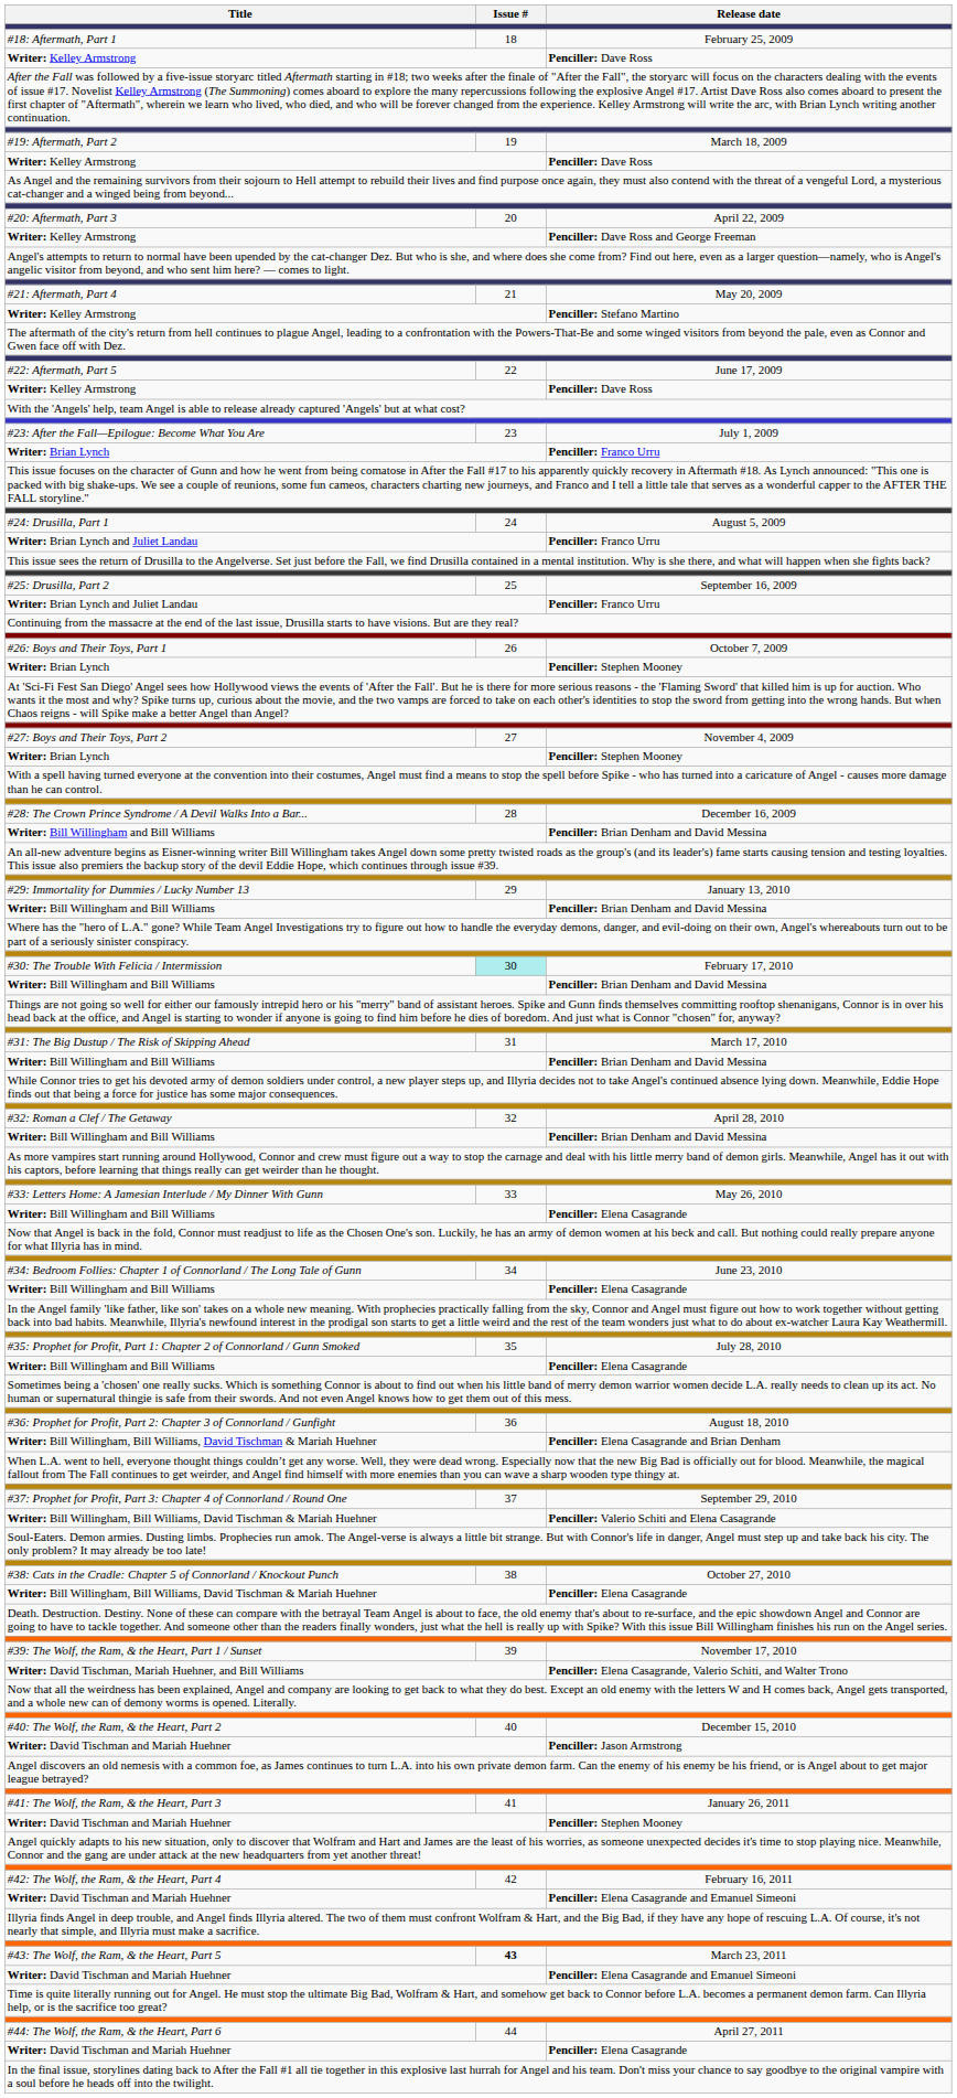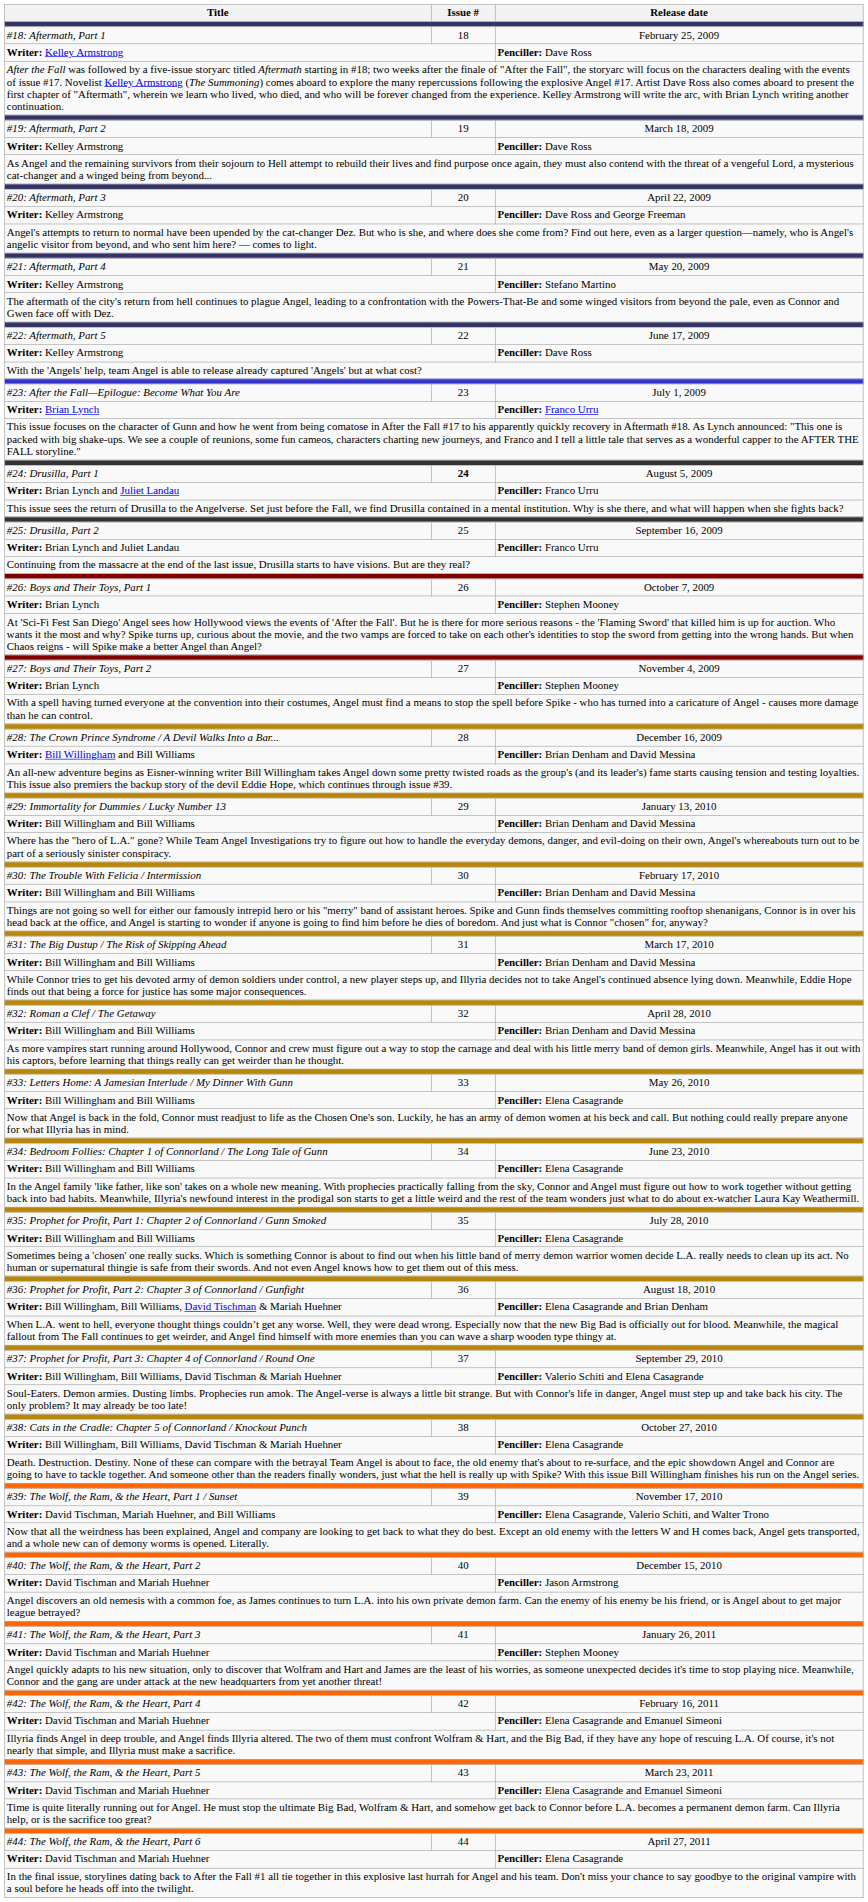 <table class="wikitable mw-collapsible mw-collapsed" style="width:100%;">
 <tr>
 <th>Title</th>
 <th>Issue #</th>
 <th>Release date</th>
 </tr>
 <tr>
 <td colspan="6" style="background:#336;"></td>
 </tr>
 <tr>
 <td><em>#18: Aftermath, Part 1</em></td>
 <td style="text-align:center;">18</td>
 <td style="text-align:center;">February 25, 2009</td>
 </tr>
 <tr>
 <td colspan="2"><strong>Writer:</strong> <a href='#'>Kelley Armstrong</a></td>
 <td><strong>Penciller:</strong> Dave Ross</td>
 </tr>
 <tr>
 <td colspan="6"><em>After the Fall</em> was followed by a five-issue storyarc titled <em>Aftermath</em> starting in #18; two weeks after the finale of "After the Fall", the storyarc will focus on the characters dealing with the events of issue #17. Novelist <a href='#'>Kelley Armstrong</a> (<em>The Summoning</em>) comes aboard to explore the many repercussions following the explosive Angel #17. Artist Dave Ross also comes aboard to present the first chapter of "Aftermath", wherein we learn who lived, who died, and who will be forever changed from the experience. Kelley Armstrong will write the arc, with Brian Lynch writing another continuation.</td>
 </tr>
 <tr>
 <td colspan="6" style="background:#336;"></td>
 </tr>
 <tr>
 <td><em>#19: Aftermath, Part 2</em></td>
 <td style="text-align:center;">19</td>
 <td style="text-align:center;">March 18, 2009</td>
 </tr>
 <tr>
 <td colspan="2"><strong>Writer:</strong> Kelley Armstrong</td>
 <td><strong>Penciller:</strong> Dave Ross</td>
 </tr>
 <tr>
 <td colspan="6">As Angel and the remaining survivors from their sojourn to Hell attempt to rebuild their lives and find purpose once again, they must also contend with the threat of a vengeful Lord, a mysterious cat-changer and a winged being from beyond...</td>
 </tr>
 <tr>
 <td colspan="6" style="background:#336;"></td>
 </tr>
 <tr>
 <td><em>#20: Aftermath, Part 3</em></td>
 <td style="text-align:center;">20</td>
 <td style="text-align:center;">April 22, 2009</td>
 </tr>
 <tr>
 <td colspan="2"><strong>Writer:</strong> Kelley Armstrong</td>
 <td><strong>Penciller:</strong> Dave Ross and George Freeman</td>
 </tr>
 <tr>
 <td colspan="6">Angel's attempts to return to normal have been upended by the cat-changer Dez. But who is she, and where does she come from? Find out here, even as a larger question—namely, who is Angel's angelic visitor from beyond, and who sent him here? — comes to light.</td>
 </tr>
 <tr>
 <td colspan="6" style="background:#336;"></td>
 </tr>
 <tr>
 <td><em>#21: Aftermath, Part 4</em></td>
 <td style="text-align:center;">21</td>
 <td style="text-align:center;">May 20, 2009</td>
 </tr>
 <tr>
 <td colspan="2"><strong>Writer:</strong> Kelley Armstrong</td>
 <td><strong>Penciller:</strong> Stefano Martino</td>
 </tr>
 <tr>
 <td colspan="6">The aftermath of the city's return from hell continues to plague Angel, leading to a confrontation with the Powers-That-Be and some winged visitors from beyond the pale, even as Connor and Gwen face off with Dez.</td>
 </tr>
 <tr>
 <td colspan="6" style="background:#336;"></td>
 </tr>
 <tr>
 <td><em>#22: Aftermath, Part 5</em></td>
 <td style="text-align:center;">22</td>
 <td style="text-align:center;">June 17, 2009</td>
 </tr>
 <tr>
 <td colspan="2"><strong>Writer:</strong> Kelley Armstrong</td>
 <td><strong>Penciller:</strong> Dave Ross</td>
 </tr>
 <tr>
 <td colspan="6">With the 'Angels' help, team Angel is able to release already captured 'Angels' but at what cost?</td>
 </tr>
 <tr>
 <td colspan="6" style="background:#33c;"></td>
 </tr>
 <tr>
 <td><em>#23: After the Fall—Epilogue: Become What You Are</em></td>
 <td style="text-align:center;">23</td>
 <td style="text-align:center;">July 1, 2009</td>
 </tr>
 <tr>
 <td colspan="2"><strong>Writer:</strong> <a href='#'>Brian Lynch</a></td>
 <td><strong>Penciller:</strong> <a href='#'>Franco Urru</a></td>
 </tr>
 <tr>
 <td colspan="6">This issue focuses on the character of Gunn and how he went from being comatose in After the Fall #17 to his apparently quickly recovery in Aftermath #18. As Lynch announced: "This one is packed with big shake-ups. We see a couple of reunions, some fun cameos, characters charting new journeys, and Franco and I tell a little tale that serves as a wonderful capper to the AFTER THE FALL storyline."</td>
 </tr>
 <tr>
 <td colspan="6" style="background:#333;"></td>
 </tr>
 <tr>
 <td><em>#24: Drusilla, Part 1</em></td>
-<td style="text-align:center;">24</td>
+<td style="text-align:center;"><strong>24</strong></td>
 <td style="text-align:center;">August 5, 2009</td>
 </tr>
 <tr>
 <td colspan="2"><strong>Writer:</strong> Brian Lynch and <a href='#'>Juliet Landau</a></td>
 <td><strong>Penciller:</strong> Franco Urru</td>
 </tr>
 <tr>
 <td colspan="6">This issue sees the return of Drusilla to the Angelverse. Set just before the Fall, we find Drusilla contained in a mental institution. Why is she there, and what will happen when she fights back?</td>
 </tr>
 <tr>
 <td colspan="6" style="background:#333;"></td>
 </tr>
 <tr>
 <td><em>#25: Drusilla, Part 2</em></td>
 <td style="text-align:center;">25</td>
 <td style="text-align:center;">September 16, 2009</td>
 </tr>
 <tr>
 <td colspan="2"><strong>Writer:</strong> Brian Lynch and Juliet Landau</td>
 <td><strong>Penciller:</strong> Franco Urru</td>
 </tr>
 <tr>
 <td colspan="6">Continuing from the massacre at the end of the last issue, Drusilla starts to have visions. But are they real?</td>
 </tr>
 <tr>
 <td colspan="6" style="background:maroon;"></td>
 </tr>
 <tr>
 <td><em>#26: Boys and Their Toys, Part 1</em></td>
 <td style="text-align:center;">26</td>
 <td style="text-align:center;">October 7, 2009</td>
 </tr>
 <tr>
 <td colspan="2"><strong>Writer:</strong> Brian Lynch</td>
 <td><strong>Penciller:</strong> Stephen Mooney</td>
 </tr>
 <tr>
 <td colspan="6">At 'Sci-Fi Fest San Diego' Angel sees how Hollywood views the events of 'After the Fall'. But he is there for more serious reasons - the 'Flaming Sword' that killed him is up for auction. Who wants it the most and why? Spike turns up, curious about the movie, and the two vamps are forced to take on each other's identities to stop the sword from getting into the wrong hands. But when Chaos reigns - will Spike make a better Angel than Angel?</td>
 </tr>
 <tr>
 <td colspan="6" style="background:maroon;"></td>
 </tr>
 <tr>
 <td><em>#27: Boys and Their Toys, Part 2</em></td>
 <td style="text-align:center;">27</td>
 <td style="text-align:center;">November 4, 2009</td>
 </tr>
 <tr>
 <td colspan="2"><strong>Writer:</strong> Brian Lynch</td>
 <td><strong>Penciller:</strong> Stephen Mooney</td>
 </tr>
 <tr>
 <td colspan="6">With a spell having turned everyone at the convention into their costumes, Angel must find a means to stop the spell before Spike - who has turned into a caricature of Angel - causes more damage than he can control.</td>
 </tr>
 <tr>
 <td colspan="6" style="background:#b8860b;"></td>
 </tr>
 <tr>
 <td><em>#28: The Crown Prince Syndrome / A Devil Walks Into a Bar...</em></td>
 <td style="text-align:center;">28</td>
 <td style="text-align:center;">December 16, 2009</td>
 </tr>
 <tr>
 <td colspan="2"><strong>Writer:</strong> <a href='#'>Bill Willingham</a> and Bill Williams</td>
 <td><strong>Penciller:</strong> Brian Denham and David Messina</td>
 </tr>
 <tr>
 <td colspan="6">An all-new adventure begins as Eisner-winning writer Bill Willingham takes Angel down some pretty twisted roads as the group's (and its leader's) fame starts causing tension and testing loyalties.  This issue also premiers the backup story of the devil Eddie Hope, which continues through issue #39.</td>
 </tr>
 <tr>
 <td colspan="6" style="background:#b8860b;"></td>
 </tr>
 <tr>
 <td><em>#29: Immortality for Dummies / Lucky Number 13</em></td>
 <td style="text-align:center;">29</td>
 <td style="text-align:center;">January 13, 2010</td>
 </tr>
 <tr>
 <td colspan="2"><strong>Writer:</strong> Bill Willingham and Bill Williams</td>
 <td><strong>Penciller:</strong> Brian Denham and David Messina</td>
 </tr>
 <tr>
 <td colspan="6">Where has the "hero of L.A." gone? While Team Angel Investigations try to figure out how to handle the everyday demons, danger, and evil-doing on their own, Angel's whereabouts turn out to be part of a seriously sinister conspiracy.</td>
 </tr>
 <tr>
 <td colspan="6" style="background:#b8860b;"></td>
 </tr>
 <tr>
 <td><em>#30: The Trouble With Felicia / Intermission</em></td>
-<td style="background: paleturquoise; text-align:center;">30</td>
+<td style="text-align:center;">30</td>
 <td style="text-align:center;">February 17, 2010</td>
 </tr>
 <tr>
 <td colspan="2"><strong>Writer:</strong> Bill Willingham and Bill Williams</td>
 <td><strong>Penciller:</strong> Brian Denham and David Messina</td>
 </tr>
 <tr>
 <td colspan="6">Things are not going so well for either our famously intrepid hero or his "merry" band of assistant heroes. Spike and Gunn finds themselves committing rooftop shenanigans, Connor is in over his head back at the office, and Angel is starting to wonder if anyone is going to find him before he dies of boredom. And just what is Connor "chosen" for, anyway?</td>
 </tr>
 <tr>
 <td colspan="6" style="background:#b8860b;"></td>
 </tr>
 <tr>
 <td><em>#31: The Big Dustup / The Risk of Skipping Ahead</em></td>
 <td style="text-align:center;">31</td>
 <td style="text-align:center;">March 17, 2010</td>
 </tr>
 <tr>
 <td colspan="2"><strong>Writer:</strong> Bill Willingham and Bill Williams</td>
 <td><strong>Penciller:</strong> Brian Denham and David Messina</td>
 </tr>
 <tr>
 <td colspan="6">While Connor tries to get his devoted army of demon soldiers under control, a new player steps up, and Illyria decides not to take Angel's continued absence lying down. Meanwhile, Eddie Hope finds out that being a force for justice has some major consequences.</td>
 </tr>
 <tr>
 <td colspan="6" style="background:#b8860b;"></td>
 </tr>
 <tr>
 <td><em>#32: Roman a Clef / The Getaway</em></td>
 <td style="text-align:center;">32</td>
 <td style="text-align:center;">April 28, 2010</td>
 </tr>
 <tr>
 <td colspan="2"><strong>Writer:</strong> Bill Willingham and Bill Williams</td>
 <td><strong>Penciller:</strong> Brian Denham and David Messina</td>
 </tr>
 <tr>
 <td colspan="6">As more vampires start running around Hollywood, Connor and crew must figure out a way to stop the carnage and deal with his little merry band of demon girls. Meanwhile, Angel has it out with his captors, before learning that things really can get weirder than he thought.</td>
 </tr>
 <tr>
 <td colspan="6" style="background:#b8860b;"></td>
 </tr>
 <tr>
 <td><em>#33: Letters Home: A Jamesian Interlude / My Dinner With Gunn</em></td>
 <td style="text-align:center;">33</td>
 <td style="text-align:center;">May 26, 2010</td>
 </tr>
 <tr>
 <td colspan="2"><strong>Writer:</strong> Bill Willingham and Bill Williams</td>
 <td><strong>Penciller:</strong> Elena Casagrande</td>
 </tr>
 <tr>
 <td colspan="6">Now that Angel is back in the fold, Connor must readjust to life as the Chosen One's son. Luckily, he has an army of demon women at his beck and call. But nothing could really prepare anyone for what Illyria has in mind.</td>
 </tr>
 <tr>
 <td colspan="6" style="background:#b8860b;"></td>
 </tr>
 <tr>
 <td><em>#34: Bedroom Follies: Chapter 1 of Connorland / The Long Tale of Gunn</em></td>
 <td style="text-align:center;">34</td>
 <td style="text-align:center;">June 23, 2010</td>
 </tr>
 <tr>
 <td colspan="2"><strong>Writer:</strong> Bill Willingham and Bill Williams</td>
 <td><strong>Penciller:</strong> Elena Casagrande</td>
 </tr>
 <tr>
 <td colspan="6">In the Angel family 'like father, like son' takes on a whole new meaning. With prophecies practically falling from the sky, Connor and Angel must figure out how to work together without getting back into bad habits. Meanwhile, Illyria's newfound interest in the prodigal son starts to get a little weird and the rest of the team wonders just what to do about ex-watcher Laura Kay Weathermill.</td>
 </tr>
 <tr>
 <td colspan="6" style="background:#b8860b;"></td>
 </tr>
 <tr>
 <td><em>#35: Prophet for Profit, Part 1: Chapter 2 of Connorland / Gunn Smoked</em></td>
 <td style="text-align:center;">35</td>
 <td style="text-align:center;">July 28, 2010</td>
 </tr>
 <tr>
 <td colspan="2"><strong>Writer:</strong> Bill Willingham and Bill Williams</td>
 <td><strong>Penciller:</strong> Elena Casagrande</td>
 </tr>
 <tr>
 <td colspan="6">Sometimes being a 'chosen' one really sucks. Which is something Connor is about to find out when his little band of merry demon warrior women decide L.A. really needs to clean up its act. No human or supernatural thingie is safe from their swords. And not even Angel knows how to get them out of this mess.</td>
 </tr>
 <tr>
 <td colspan="6" style="background:#b8860b;"></td>
 </tr>
 <tr>
 <td><em>#36: Prophet for Profit, Part 2: Chapter 3 of Connorland / Gunfight</em></td>
 <td style="text-align:center;">36</td>
 <td style="text-align:center;">August 18, 2010</td>
 </tr>
 <tr>
 <td colspan="2"><strong>Writer:</strong> Bill Willingham, Bill Williams, <a href='#'>David Tischman</a> & Mariah Huehner</td>
 <td><strong>Penciller:</strong> Elena Casagrande and Brian Denham</td>
 </tr>
 <tr>
 <td colspan="6">When L.A. went to hell, everyone thought things couldn’t get any worse. Well, they were dead wrong. Especially now that the new Big Bad is officially out for blood. Meanwhile, the magical fallout from The Fall continues to get weirder, and Angel find himself with more enemies than you can wave a sharp wooden type thingy at.</td>
 </tr>
 <tr>
 <td colspan="6" style="background:#b8860b;"></td>
 </tr>
 <tr>
 <td><em>#37: Prophet for Profit, Part 3: Chapter 4 of Connorland / Round One</em></td>
 <td style="text-align:center;">37</td>
 <td style="text-align:center;">September 29, 2010</td>
 </tr>
 <tr>
 <td colspan="2"><strong>Writer:</strong> Bill Willingham, Bill Williams, David Tischman & Mariah Huehner</td>
 <td><strong>Penciller:</strong> Valerio Schiti and Elena Casagrande</td>
 </tr>
 <tr>
 <td colspan="6">Soul-Eaters. Demon armies. Dusting limbs. Prophecies run amok. The Angel-verse is always a little bit strange. But with Connor's life in danger, Angel must step up and take back his city. The only problem? It may already be too late!</td>
 </tr>
 <tr>
 <td colspan="6" style="background:#b8860b;"></td>
 </tr>
 <tr>
 <td><em>#38: Cats in the Cradle: Chapter 5 of Connorland / Knockout Punch</em></td>
 <td style="text-align:center;">38</td>
 <td style="text-align:center;">October 27, 2010</td>
 </tr>
 <tr>
 <td colspan="2"><strong>Writer:</strong> Bill Willingham, Bill Williams, David Tischman & Mariah Huehner</td>
 <td><strong>Penciller:</strong> Elena Casagrande</td>
 </tr>
 <tr>
 <td colspan="6">Death. Destruction. Destiny. None of these can compare with the betrayal Team Angel is about to face, the old enemy that's about to re-surface, and the epic showdown Angel and Connor are going to have to tackle together. And someone other than the readers finally wonders, just what the hell is really up with Spike? With this issue Bill Willingham finishes his run on the Angel series.</td>
 </tr>
 <tr>
 <td colspan="6" style="background:#f60;"></td>
 </tr>
 <tr>
 <td><em>#39: The Wolf, the Ram, & the Heart, Part 1 / Sunset</em></td>
 <td style="text-align:center;">39</td>
 <td style="text-align:center;">November 17, 2010</td>
 </tr>
 <tr>
 <td colspan="2"><strong>Writer:</strong> David Tischman, Mariah Huehner, and Bill Williams</td>
 <td><strong>Penciller:</strong> Elena Casagrande, Valerio Schiti, and Walter Trono</td>
 </tr>
 <tr>
 <td colspan="6">Now that all the weirdness has been explained, Angel and company are looking to get back to what they do best. Except an old enemy with the letters W and H comes back, Angel gets transported, and a whole new can of demony worms is opened. Literally.</td>
 </tr>
 <tr>
 <td colspan="6" style="background:#f60;"></td>
 </tr>
 <tr>
 <td><em>#40: The Wolf, the Ram, & the Heart, Part 2</em></td>
 <td style="text-align:center;">40</td>
 <td style="text-align:center;">December 15, 2010</td>
 </tr>
 <tr>
 <td colspan="2"><strong>Writer:</strong> David Tischman and Mariah Huehner</td>
 <td><strong>Penciller:</strong> Jason Armstrong</td>
 </tr>
 <tr>
 <td colspan="6">Angel discovers an old nemesis with a common foe, as James continues to turn L.A. into his own private demon farm. Can the enemy of his enemy be his friend, or is Angel about to get major league betrayed?</td>
 </tr>
 <tr>
 <td colspan="6" style="background:#f60;"></td>
 </tr>
 <tr>
 <td><em>#41: The Wolf, the Ram, & the Heart, Part 3</em></td>
 <td style="text-align:center;">41</td>
 <td style="text-align:center;">January 26, 2011</td>
 </tr>
 <tr>
 <td colspan="2"><strong>Writer:</strong> David Tischman and Mariah Huehner</td>
 <td><strong>Penciller:</strong> Stephen Mooney</td>
 </tr>
 <tr>
 <td colspan="6">Angel quickly adapts to his new situation, only to discover that Wolfram and Hart and James are the least of his worries, as someone unexpected decides it's time to stop playing nice. Meanwhile, Connor and the gang are under attack at the new headquarters from yet another threat!</td>
 </tr>
 <tr>
 <td colspan="6" style="background:#f60;"></td>
 </tr>
 <tr>
 <td><em>#42: The Wolf, the Ram, & the Heart, Part 4</em></td>
 <td style="text-align:center;">42</td>
 <td style="text-align:center;">February 16, 2011</td>
 </tr>
 <tr>
 <td colspan="2"><strong>Writer:</strong> David Tischman and Mariah Huehner</td>
 <td><strong>Penciller:</strong> Elena Casagrande and Emanuel Simeoni</td>
 </tr>
 <tr>
 <td colspan="6">Illyria finds Angel in deep trouble, and Angel finds Illyria altered. The two of them must confront Wolfram & Hart, and the Big Bad, if they have any hope of rescuing L.A. Of course, it's not nearly that simple, and Illyria must make a sacrifice.</td>
 </tr>
 <tr>
 <td colspan="6" style="background:#f60;"></td>
 </tr>
 <tr>
 <td><em>#43: The Wolf, the Ram, & the Heart, Part 5</em></td>
-<td style="text-align:center;"><strong>43</strong></td>
+<td style="text-align:center;">43</td>
 <td style="text-align:center;">March 23, 2011</td>
 </tr>
 <tr>
 <td colspan="2"><strong>Writer:</strong> David Tischman and Mariah Huehner</td>
 <td><strong>Penciller:</strong> Elena Casagrande and Emanuel Simeoni</td>
 </tr>
 <tr>
 <td colspan="6">Time is quite literally running out for Angel. He must stop the ultimate Big Bad, Wolfram & Hart, and somehow get back to Connor before L.A. becomes a permanent demon farm. Can Illyria help, or is the sacrifice too great?</td>
 </tr>
 <tr>
 <td colspan="6" style="background:#f60;"></td>
 </tr>
 <tr>
 <td><em>#44: The Wolf, the Ram, & the Heart, Part 6</em></td>
 <td style="text-align:center;">44</td>
 <td style="text-align:center;">April 27, 2011</td>
 </tr>
 <tr>
 <td colspan="2"><strong>Writer:</strong> David Tischman and Mariah Huehner</td>
 <td><strong>Penciller:</strong> Elena Casagrande</td>
 </tr>
 <tr>
 <td colspan="6">In the final issue, storylines dating back to After the Fall #1 all tie together in this explosive last hurrah for Angel and his team. Don't miss your chance to say goodbye to the original vampire with a soul before he heads off into the twilight.</td>
 </tr>
 </table>
